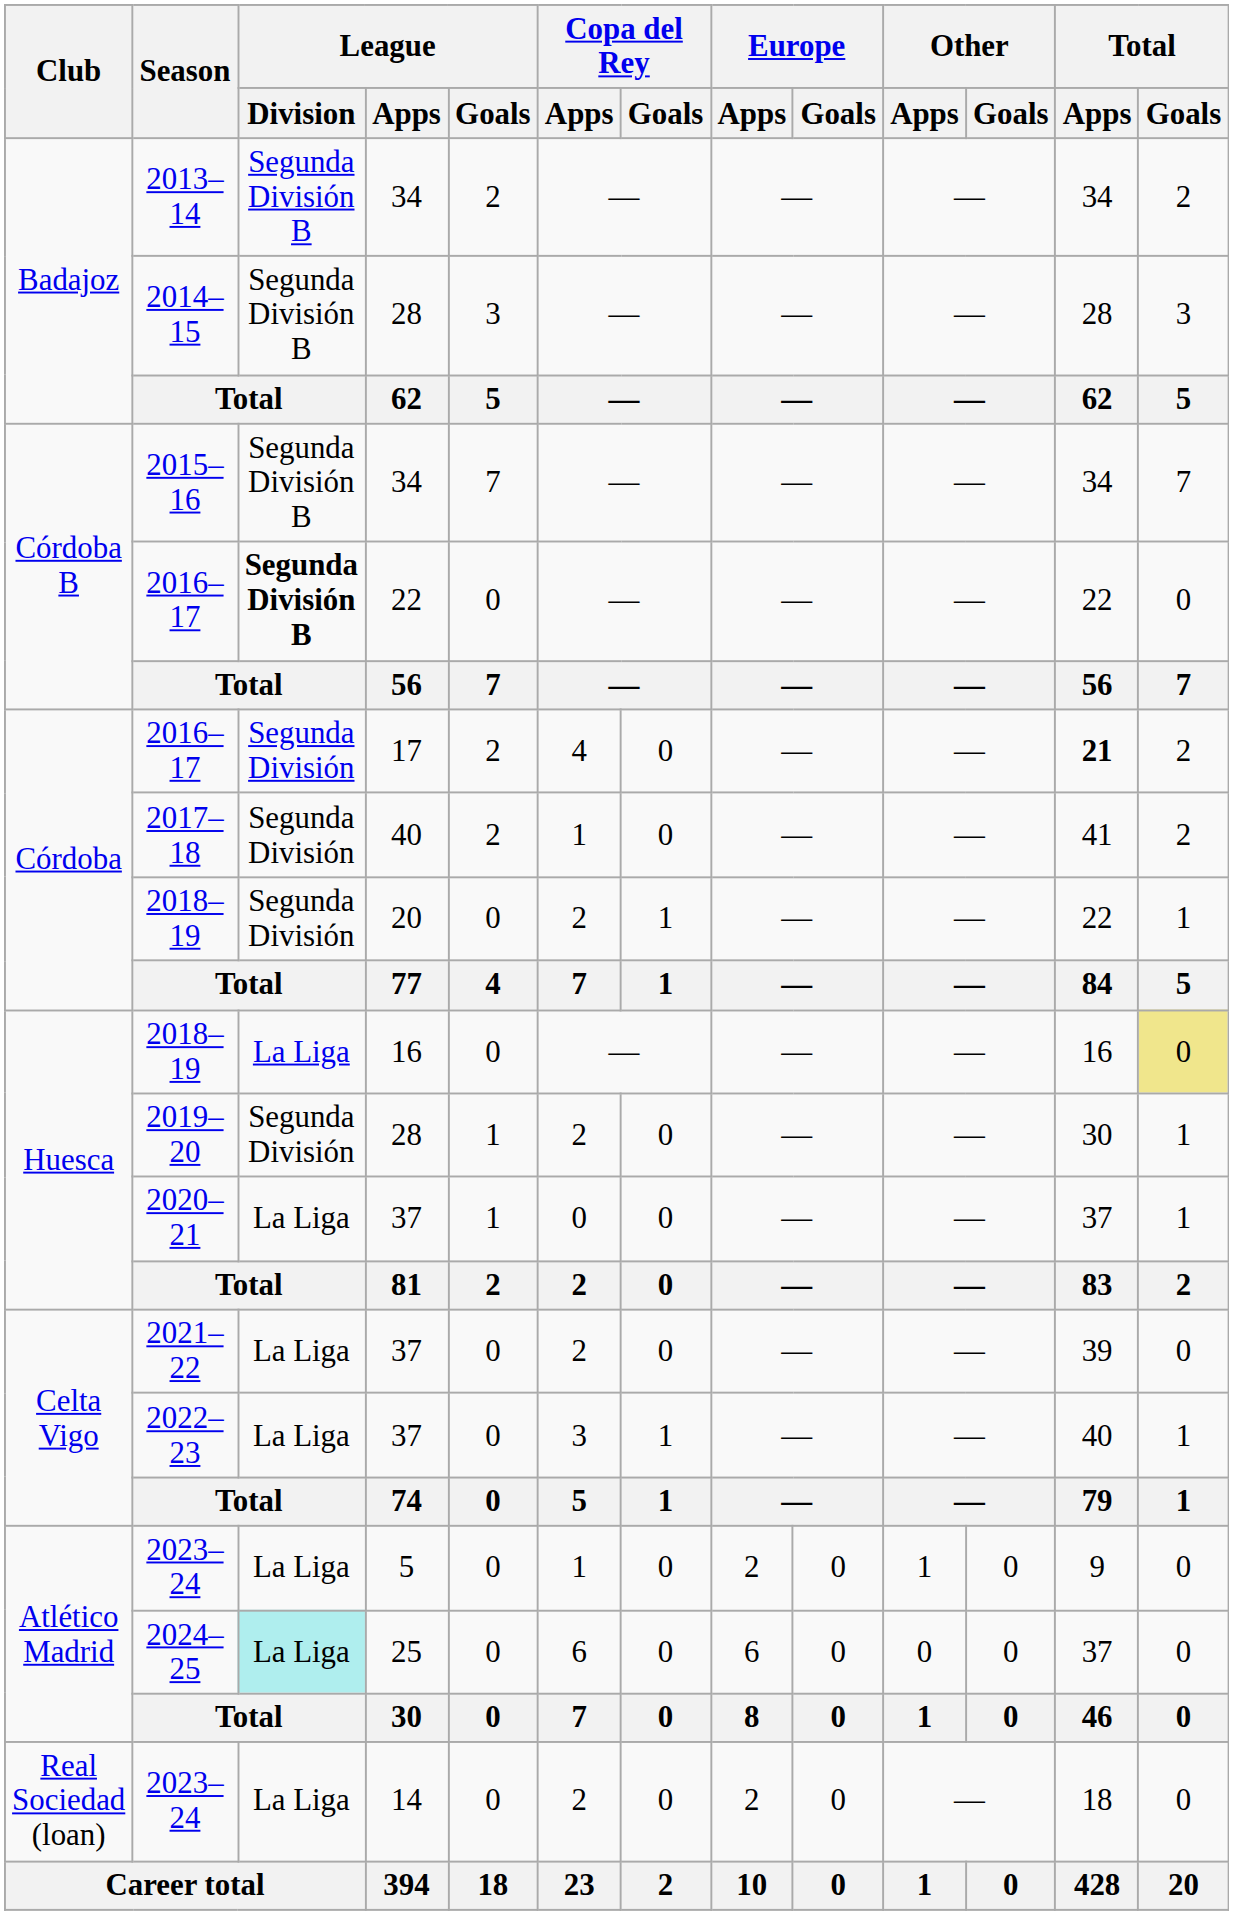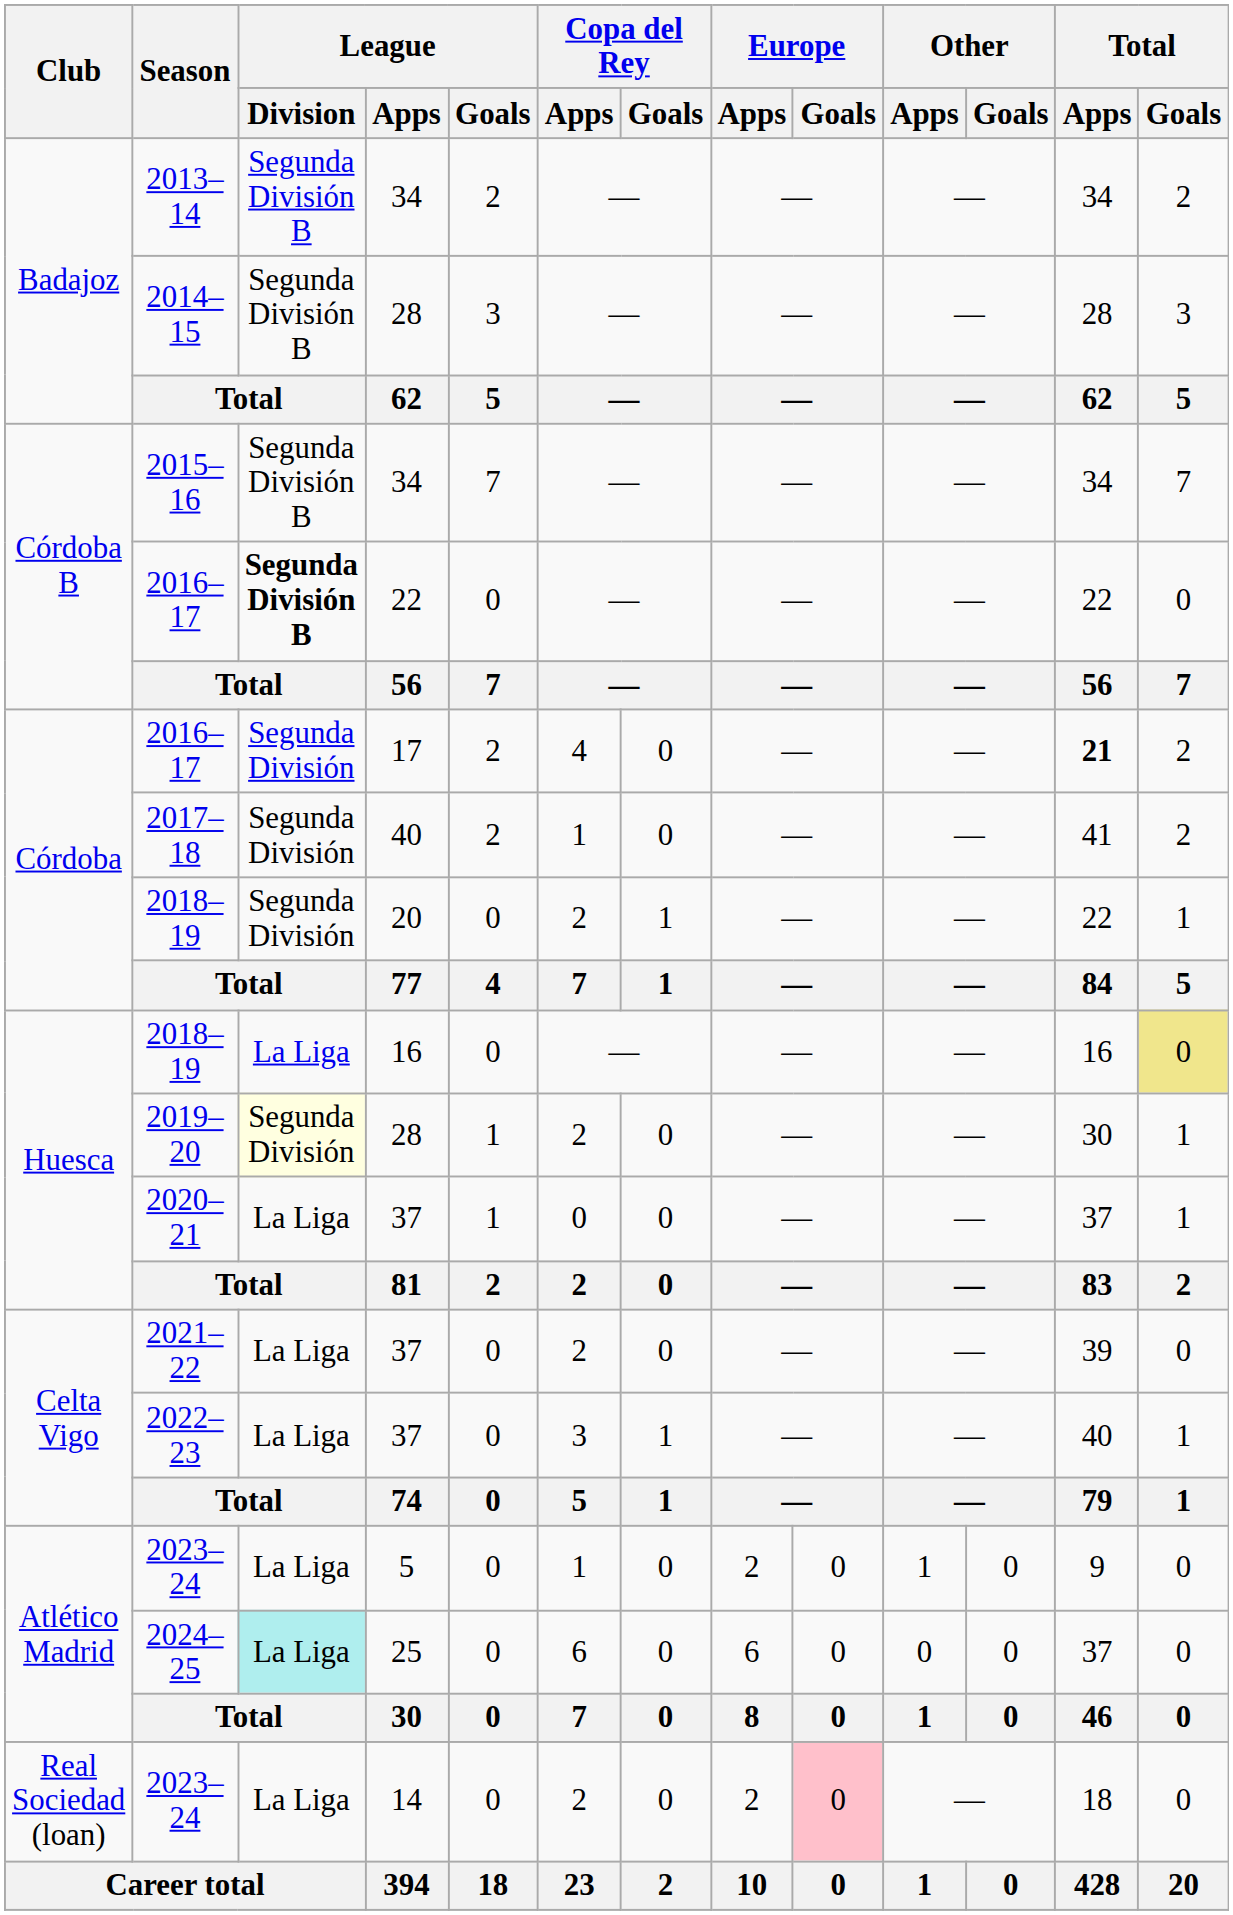 <table class="wikitable" style="text-align:center">
 <tr>
 <th rowspan="2">Club</th>
 <th rowspan="2">Season</th>
 <th colspan="3">League</th>
 <th colspan="2"><a href='#'>Copa del Rey</a></th>
 <th colspan="2"><a href='#'>Europe</a></th>
 <th colspan="2">Other</th>
 <th colspan="2">Total</th>
 </tr>
 <tr>
 <th>Division</th>
 <th>Apps</th>
 <th>Goals</th>
 <th>Apps</th>
 <th>Goals</th>
 <th>Apps</th>
 <th>Goals</th>
 <th>Apps</th>
 <th>Goals</th>
 <th>Apps</th>
 <th>Goals</th>
 </tr>
 <tr>
 <td rowspan="3"><a href='#'>Badajoz</a></td>
 <td><a href='#'>2013–14</a></td>
 <td><a href='#'>Segunda División B</a></td>
 <td>34</td>
 <td>2</td>
 <td colspan="2">—</td>
 <td colspan="2">—</td>
 <td colspan="2">—</td>
 <td>34</td>
 <td>2</td>
 </tr>
 <tr>
 <td><a href='#'>2014–15</a></td>
 <td>Segunda División B</td>
 <td>28</td>
 <td>3</td>
 <td colspan="2">—</td>
 <td colspan="2">—</td>
 <td colspan="2">—</td>
 <td>28</td>
 <td>3</td>
 </tr>
 <tr>
 <th colspan="2">Total</th>
 <th>62</th>
 <th>5</th>
 <th colspan="2">—</th>
 <th colspan="2">—</th>
 <th colspan="2">—</th>
 <th>62</th>
 <th>5</th>
 </tr>
 <tr>
 <td rowspan="3"><a href='#'>Córdoba B</a></td>
 <td><a href='#'>2015–16</a></td>
 <td>Segunda División B</td>
 <td>34</td>
 <td>7</td>
 <td colspan="2">—</td>
 <td colspan="2">—</td>
 <td colspan="2">—</td>
 <td>34</td>
 <td>7</td>
 </tr>
 <tr>
 <td><a href='#'>2016–17</a></td>
 <td><strong>Segunda División B</strong></td>
 <td>22</td>
 <td>0</td>
 <td colspan="2">—</td>
 <td colspan="2">—</td>
 <td colspan="2">—</td>
 <td>22</td>
 <td>0</td>
 </tr>
 <tr>
 <th colspan="2">Total</th>
 <th>56</th>
 <th>7</th>
 <th colspan="2">—</th>
 <th colspan="2">—</th>
 <th colspan="2">—</th>
 <th>56</th>
 <th>7</th>
 </tr>
 <tr>
 <td rowspan="4"><a href='#'>Córdoba</a></td>
 <td><a href='#'>2016–17</a></td>
 <td><a href='#'>Segunda División</a></td>
 <td>17</td>
 <td>2</td>
 <td>4</td>
 <td>0</td>
 <td colspan="2">—</td>
 <td colspan="2">—</td>
 <td><strong>21</strong></td>
 <td>2</td>
 </tr>
 <tr>
 <td><a href='#'>2017–18</a></td>
 <td>Segunda División</td>
 <td>40</td>
 <td>2</td>
 <td>1</td>
 <td>0</td>
 <td colspan="2">—</td>
 <td colspan="2">—</td>
 <td>41</td>
 <td>2</td>
 </tr>
 <tr>
 <td><a href='#'>2018–19</a></td>
 <td>Segunda División</td>
 <td>20</td>
 <td>0</td>
 <td>2</td>
 <td>1</td>
 <td colspan="2">—</td>
 <td colspan="2">—</td>
 <td>22</td>
 <td>1</td>
 </tr>
 <tr>
 <th colspan="2">Total</th>
 <th>77</th>
 <th>4</th>
 <th>7</th>
 <th>1</th>
 <th colspan="2">—</th>
 <th colspan="2">—</th>
 <th>84</th>
 <th>5</th>
 </tr>
 <tr>
 <td rowspan="4"><a href='#'>Huesca</a></td>
 <td><a href='#'>2018–19</a></td>
 <td><a href='#'>La Liga</a></td>
 <td>16</td>
 <td>0</td>
 <td colspan="2">—</td>
 <td colspan="2">—</td>
 <td colspan="2">—</td>
 <td>16</td>
 <td style="background: khaki;">0</td>
 </tr>
 <tr>
 <td><a href='#'>2019–20</a></td>
-<td>Segunda División</td>
+<td style="background: lightyellow;">Segunda División</td>
 <td>28</td>
 <td>1</td>
 <td>2</td>
 <td>0</td>
 <td colspan="2">—</td>
 <td colspan="2">—</td>
 <td>30</td>
 <td>1</td>
 </tr>
 <tr>
 <td><a href='#'>2020–21</a></td>
 <td>La Liga</td>
 <td>37</td>
 <td>1</td>
 <td>0</td>
 <td>0</td>
 <td colspan="2">—</td>
 <td colspan="2">—</td>
 <td>37</td>
 <td>1</td>
 </tr>
 <tr>
 <th colspan="2">Total</th>
 <th>81</th>
 <th>2</th>
 <th>2</th>
 <th>0</th>
 <th colspan="2">—</th>
 <th colspan="2">—</th>
 <th>83</th>
 <th>2</th>
 </tr>
 <tr>
 <td rowspan="3"><a href='#'>Celta Vigo</a></td>
 <td><a href='#'>2021–22</a></td>
 <td>La Liga</td>
 <td>37</td>
 <td>0</td>
 <td>2</td>
 <td>0</td>
 <td colspan="2">—</td>
 <td colspan="2">—</td>
 <td>39</td>
 <td>0</td>
 </tr>
 <tr>
 <td><a href='#'>2022–23</a></td>
 <td>La Liga</td>
 <td>37</td>
 <td>0</td>
 <td>3</td>
 <td>1</td>
 <td colspan="2">—</td>
 <td colspan="2">—</td>
 <td>40</td>
 <td>1</td>
 </tr>
 <tr>
 <th colspan="2">Total</th>
 <th>74</th>
 <th>0</th>
 <th>5</th>
 <th>1</th>
 <th colspan="2">—</th>
 <th colspan="2">—</th>
 <th>79</th>
 <th>1</th>
 </tr>
 <tr>
 <td rowspan="3"><a href='#'>Atlético Madrid</a></td>
 <td><a href='#'>2023–24</a></td>
 <td>La Liga</td>
 <td>5</td>
 <td>0</td>
 <td>1</td>
 <td>0</td>
 <td>2</td>
 <td>0</td>
 <td>1</td>
 <td>0</td>
 <td>9</td>
 <td>0</td>
 </tr>
 <tr>
 <td><a href='#'>2024–25</a></td>
 <td style="background: paleturquoise;">La Liga</td>
 <td>25</td>
 <td>0</td>
 <td>6</td>
 <td>0</td>
 <td>6</td>
 <td>0</td>
 <td>0</td>
 <td>0</td>
 <td>37</td>
 <td>0</td>
 </tr>
 <tr>
 <th colspan="2">Total</th>
 <th>30</th>
 <th>0</th>
 <th>7</th>
 <th>0</th>
 <th>8</th>
 <th>0</th>
 <th>1</th>
 <th>0</th>
 <th>46</th>
 <th>0</th>
 </tr>
 <tr>
 <td><a href='#'>Real Sociedad</a> (loan)</td>
 <td><a href='#'>2023–24</a></td>
 <td>La Liga</td>
 <td>14</td>
 <td>0</td>
 <td>2</td>
 <td>0</td>
 <td>2</td>
-<td>0</td>
+<td style="background: pink;">0</td>
 <td colspan="2">—</td>
 <td>18</td>
 <td>0</td>
 </tr>
 <tr>
 <th colspan="3">Career total</th>
 <th>394</th>
 <th>18</th>
 <th>23</th>
 <th>2</th>
 <th>10</th>
 <th>0</th>
 <th>1</th>
 <th>0</th>
 <th>428</th>
 <th>20</th>
 </tr>
 </table>
